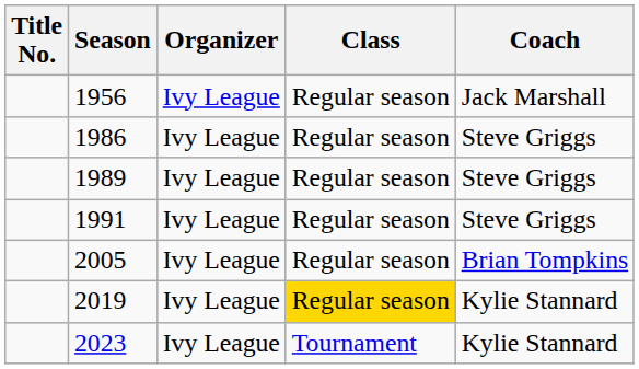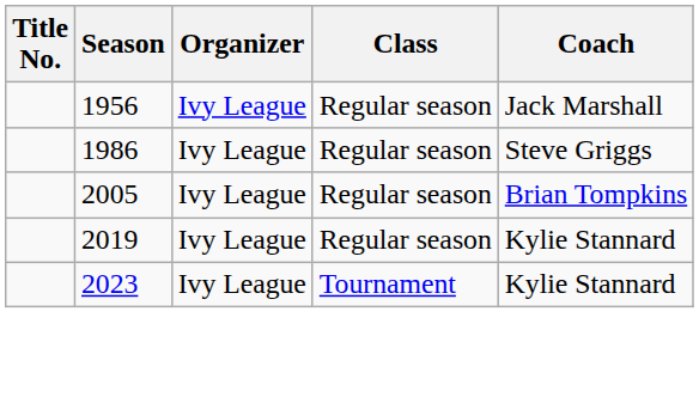 <table class= "wikitable">
 <tr>
 <th width=px>Title<br>No.</th>
 <th width=px>Season</th>
 <th width=px>Organizer</th>
 <th width=px>Class</th>
 <th width=px>Coach</th>
 </tr>
 <tr>
 <td></td>
 <td>1956</td>
 <td><a href='#'>Ivy League</a></td>
 <td>Regular season</td>
 <td>Jack Marshall</td>
 </tr>
 <tr>
 <td></td>
 <td>1986</td>
 <td>Ivy League</td>
 <td>Regular season</td>
 <td>Steve Griggs</td>
 </tr>
 <tr>
 <td></td>
-<td>1989</td>
-<td>Ivy League</td>
-<td>Regular season</td>
-<td>Steve Griggs</td>
-</tr>
-<tr>
-<td></td>
-<td>1991</td>
-<td>Ivy League</td>
-<td>Regular season</td>
-<td>Steve Griggs</td>
-</tr>
-<tr>
-<td></td>
 <td>2005</td>
 <td>Ivy League</td>
 <td>Regular season</td>
 <td><a href='#'>Brian Tompkins</a></td>
 </tr>
 <tr>
 <td></td>
 <td>2019</td>
 <td>Ivy League</td>
-<td style="background: gold;">Regular season</td>
+<td>Regular season</td>
 <td>Kylie Stannard</td>
 </tr>
 <tr>
 <td></td>
 <td><a href='#'>2023</a></td>
 <td>Ivy League</td>
 <td><a href='#'>Tournament</a></td>
 <td>Kylie Stannard</td>
 </tr>
 </table>
